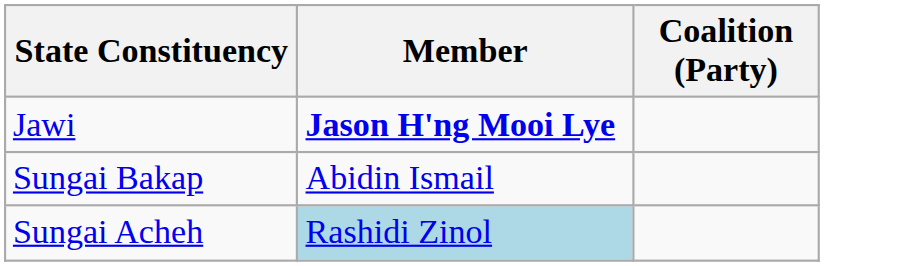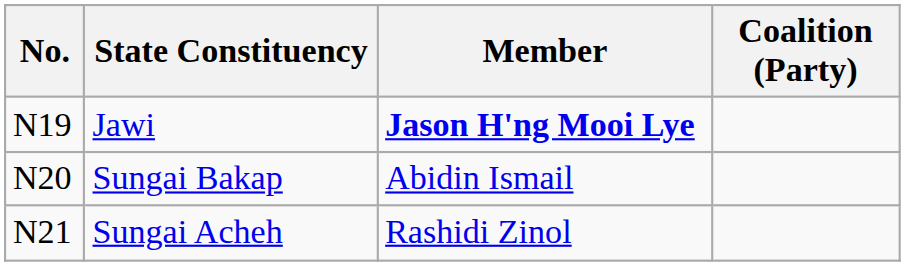 <table class="wikitable">
 <tr>
+<th width="30">No.</th>
 <th width="130">State Constituency</th>
 <th width="150">Member</th>
 <th width="80">Coalition (Party)</th>
 </tr>
 <tr>
+<td>N19</td>
 <td><a href='#'>Jawi</a></td>
 <td><strong><a href='#'>Jason H'ng Mooi Lye</a></strong></td>
 <td></td>
 </tr>
 <tr>
+<td>N20</td>
 <td><a href='#'>Sungai Bakap</a></td>
 <td><a href='#'>Abidin Ismail</a></td>
 <td></td>
 </tr>
 <tr>
+<td>N21</td>
 <td><a href='#'>Sungai Acheh</a></td>
-<td style="background: lightblue;"><a href='#'>Rashidi Zinol</a></td>
+<td><a href='#'>Rashidi Zinol</a></td>
 <td></td>
 </tr>
 </table>
